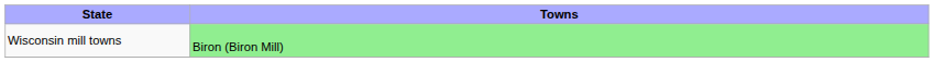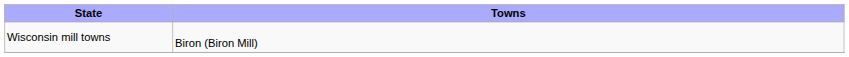 <table class="wikitable" style="margin: 1em auto 1em auto;width: 95%">
 <tr>
 <th style="background-color: #AAAAFF" width=20%>State</th>
 <th style="background-color: #AAAAFF">Towns</th>
 </tr>
 <tr>
 <td>Wisconsin mill towns</td>
-<td style="background: lightgreen;"><br>Biron (Biron Mill)</td>
+<td><br>Biron (Biron Mill)</td>
 </tr>
 <tr>
 </tr>
 </table>
